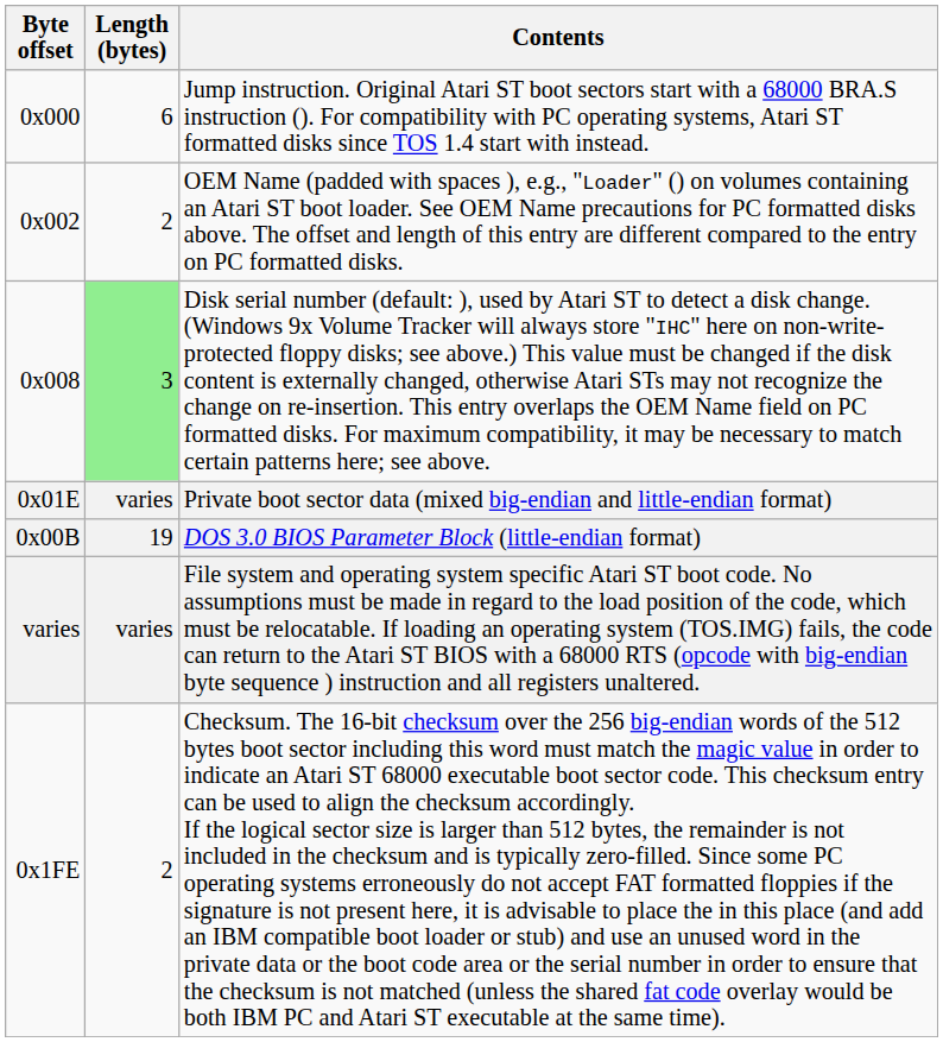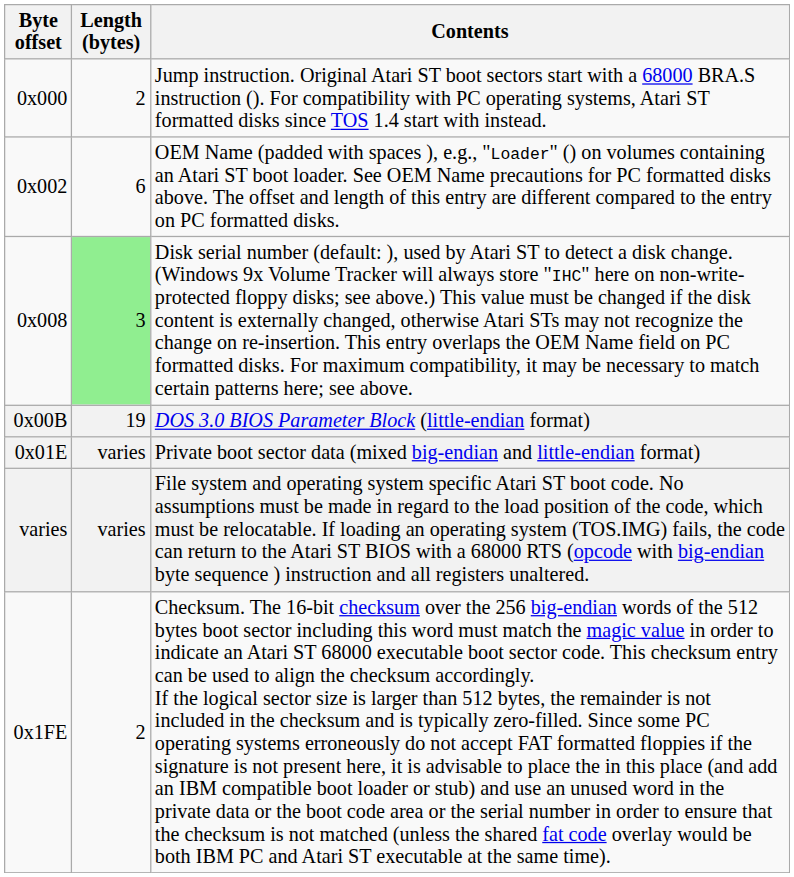 <table class="wikitable sortable mw-collapsible mw-collapsed" width="100%">
 <tr>
 <th>Byte offset</th>
 <th>Length (bytes)</th>
 <th>Contents</th>
 </tr>
 <tr>
 <td style="text-align:right;">0x000</td>
-<td style="text-align:right;">6</td>
+<td style="text-align:right;">2</td>
 <td>Jump instruction. Original Atari ST boot sectors start with a <a href='#'>68000</a> BRA.S instruction (). For compatibility with PC operating systems, Atari ST formatted disks since <a href='#'>TOS</a> 1.4 start with  instead.</td>
 </tr>
 <tr>
 <td style="text-align:right;">0x002</td>
-<td style="text-align:right;">2</td>
+<td style="text-align:right;">6</td>
 <td>OEM Name (padded with spaces ), e.g., "<code>Loader</code>" () on volumes containing an Atari ST boot loader. See OEM Name precautions for PC formatted disks above. The offset and length of this entry are different compared to the entry on PC formatted disks.</td>
 </tr>
 <tr>
 <td style="text-align:right;">0x008</td>
 <td style="background: lightgreen; text-align:right;">3</td>
 <td>Disk serial number (default: ), used by Atari ST to detect a disk change. (Windows 9x Volume Tracker will always store "<code>IHC</code>" here on non-write-protected floppy disks; see above.) This value must be changed if the disk content is externally changed, otherwise Atari STs may not recognize the change on re-insertion. This entry overlaps the OEM Name field on PC formatted disks. For maximum compatibility, it may be necessary to match certain patterns here; see above.</td>
 </tr>
 <tr style="background:#F2F2F2">
+<td style="text-align:right;">0x00B</td>
+<td style="text-align:right;">19</td>
+<td><em><a href='#'>DOS 3.0 BIOS Parameter Block</a></em> (<a href='#'>little-endian</a> format)</td>
+</tr>
+<tr style="background:#F2F2F2">
 <td style="text-align:right;">0x01E</td>
 <td style="text-align:right;">varies</td>
 <td>Private boot sector data (mixed <a href='#'>big-endian</a> and <a href='#'>little-endian</a> format)</td>
-</tr>
-<tr style="background:#F2F2F2">
-<td style="text-align:right;">0x00B</td>
-<td style="text-align:right;">19</td>
-<td><em><a href='#'>DOS 3.0 BIOS Parameter Block</a></em> (<a href='#'>little-endian</a> format)</td>
 </tr>
 <tr style="background:#F2F2F2">
 <td style="text-align:right;">varies</td>
 <td style="text-align:right;">varies</td>
 <td>File system and operating system specific Atari ST boot code. No assumptions must be made in regard to the load position of the code, which must be relocatable. If loading an operating system (TOS.IMG) fails, the code can return to the Atari ST BIOS with a 68000 RTS (<a href='#'>opcode</a>  with <a href='#'>big-endian</a> byte sequence ) instruction and all registers unaltered.</td>
 </tr>
 <tr>
 <td style="text-align:right;">0x1FE</td>
 <td style="text-align:right;">2</td>
 <td>Checksum. The 16-bit <a href='#'>checksum</a> over the 256 <a href='#'>big-endian</a> words of the 512 bytes boot sector including this word must match the <a href='#'>magic value</a>  in order to indicate an Atari ST 68000 executable boot sector code. This checksum entry can be used to align the checksum accordingly.<br>If the logical sector size is larger than 512 bytes, the remainder is not included in the checksum and is typically zero-filled. Since some PC operating systems erroneously do not accept FAT formatted floppies if the  signature is not present here, it is advisable to place the  in this place (and add an IBM compatible boot loader or stub) and use an unused word in the private data or the boot code area or the serial number in order to ensure that the checksum  is not matched (unless the shared <a href='#'>fat code</a> overlay would be both IBM PC and Atari ST executable at the same time).</td>
 </tr>
 </table>
